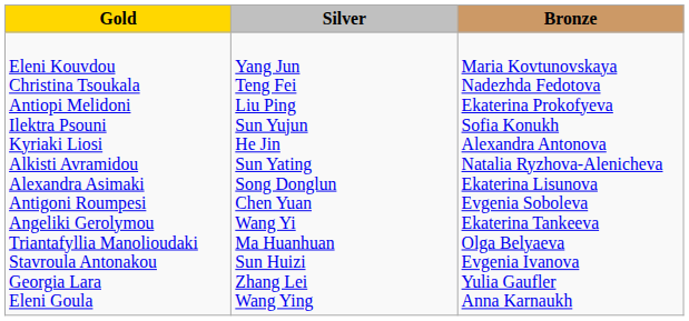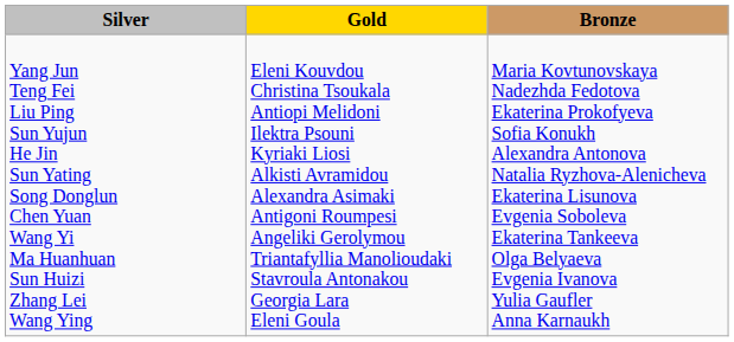 <table class="wikitable" style="text-align:left">
 <tr align="center">
+<td width=200 bgcolor=silver><strong>Silver</strong></td>
 <td width=200 bgcolor=gold><strong>Gold</strong></td>
-<td width=200 bgcolor=silver><strong>Silver</strong></td>
 <td width=200 bgcolor=CC9966><strong>Bronze</strong></td>
 </tr>
 <tr>
+<td><br><a href='#'>Yang Jun</a><br><a href='#'>Teng Fei</a><br><a href='#'>Liu Ping</a><br><a href='#'>Sun Yujun</a><br><a href='#'>He Jin</a><br><a href='#'>Sun Yating</a><br><a href='#'>Song Donglun</a><br><a href='#'>Chen Yuan</a><br><a href='#'>Wang Yi</a><br><a href='#'>Ma Huanhuan</a><br><a href='#'>Sun Huizi</a><br><a href='#'>Zhang Lei</a><br><a href='#'>Wang Ying</a></td>
 <td><br><a href='#'>Eleni Kouvdou</a><br><a href='#'>Christina Tsoukala</a><br><a href='#'>Antiopi Melidoni</a><br><a href='#'>Ilektra Psouni</a><br><a href='#'>Kyriaki Liosi</a><br><a href='#'>Alkisti Avramidou</a><br><a href='#'>Alexandra Asimaki</a><br><a href='#'>Antigoni Roumpesi</a><br><a href='#'>Angeliki Gerolymou</a><br><a href='#'>Triantafyllia Manolioudaki</a><br><a href='#'>Stavroula Antonakou</a><br><a href='#'>Georgia Lara</a><br><a href='#'>Eleni Goula</a></td>
-<td><br><a href='#'>Yang Jun</a><br><a href='#'>Teng Fei</a><br><a href='#'>Liu Ping</a><br><a href='#'>Sun Yujun</a><br><a href='#'>He Jin</a><br><a href='#'>Sun Yating</a><br><a href='#'>Song Donglun</a><br><a href='#'>Chen Yuan</a><br><a href='#'>Wang Yi</a><br><a href='#'>Ma Huanhuan</a><br><a href='#'>Sun Huizi</a><br><a href='#'>Zhang Lei</a><br><a href='#'>Wang Ying</a></td>
 <td><br><a href='#'>Maria Kovtunovskaya</a><br><a href='#'>Nadezhda Fedotova</a><br><a href='#'>Ekaterina Prokofyeva</a><br><a href='#'>Sofia Konukh</a><br><a href='#'>Alexandra Antonova</a><br><a href='#'>Natalia Ryzhova-Alenicheva</a><br><a href='#'>Ekaterina Lisunova</a><br><a href='#'>Evgenia Soboleva</a><br><a href='#'>Ekaterina Tankeeva</a><br><a href='#'>Olga Belyaeva</a><br><a href='#'>Evgenia Ivanova</a><br><a href='#'>Yulia Gaufler</a><br><a href='#'>Anna Karnaukh</a></td>
 </tr>
 </table>
